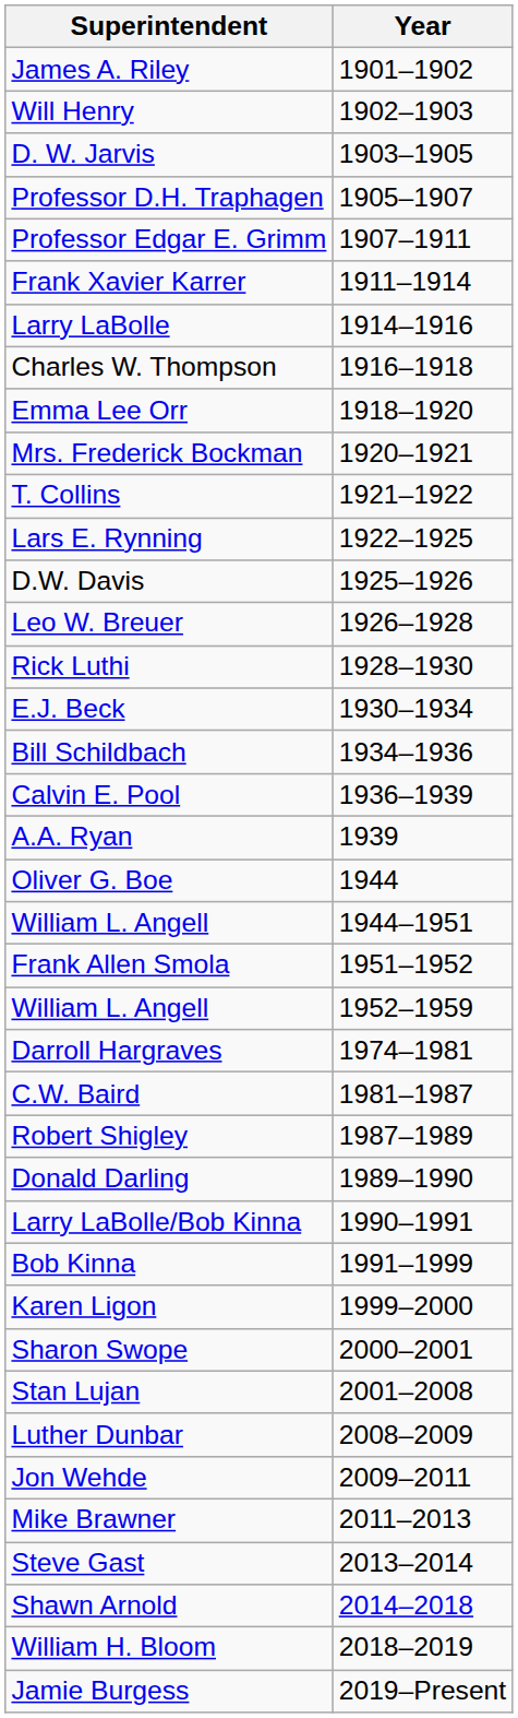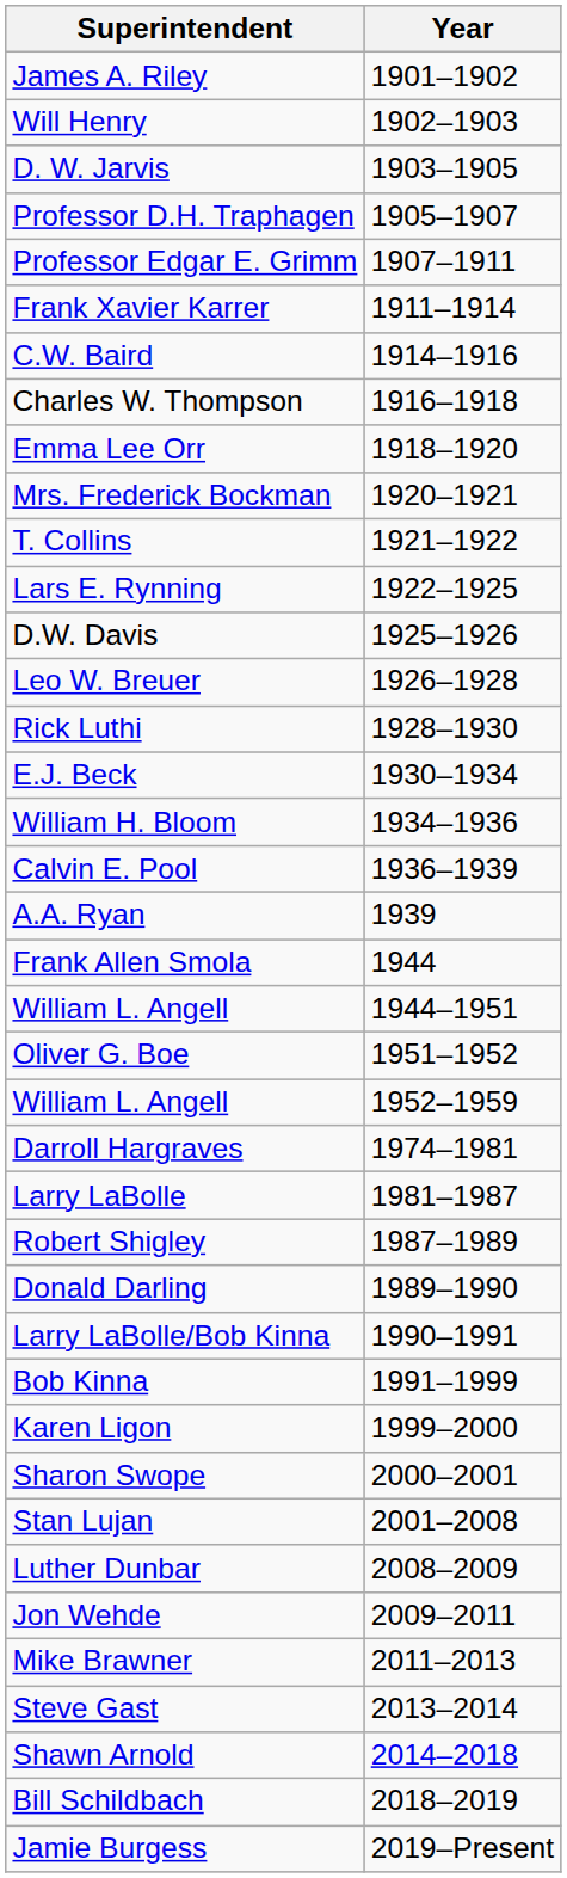 <table class="wikitable" border="1">
 <tr>
 <th>Superintendent</th>
 <th>Year</th>
 </tr>
 <tr>
 <td><a href='#'>James A. Riley</a></td>
 <td>1901–1902</td>
 </tr>
 <tr>
 <td><a href='#'>Will Henry</a></td>
 <td>1902–1903</td>
 </tr>
 <tr>
 <td><a href='#'>D. W. Jarvis</a></td>
 <td>1903–1905</td>
 </tr>
 <tr>
 <td><a href='#'>Professor D.H. Traphagen</a></td>
 <td>1905–1907</td>
 </tr>
 <tr>
 <td><a href='#'>Professor Edgar E. Grimm</a></td>
 <td>1907–1911</td>
 </tr>
 <tr>
 <td><a href='#'>Frank Xavier Karrer</a></td>
 <td>1911–1914</td>
 </tr>
 <tr>
-<td><a href='#'>Larry LaBolle</a></td>
+<td><a href='#'>C.W. Baird</a></td>
 <td>1914–1916</td>
 </tr>
 <tr>
 <td>Charles W. Thompson</td>
 <td>1916–1918</td>
 </tr>
 <tr>
 <td><a href='#'>Emma Lee Orr</a></td>
 <td>1918–1920</td>
 </tr>
 <tr>
 <td><a href='#'>Mrs. Frederick Bockman</a></td>
 <td>1920–1921</td>
 </tr>
 <tr>
 <td><a href='#'>T. Collins</a></td>
 <td>1921–1922</td>
 </tr>
 <tr>
 <td><a href='#'>Lars E. Rynning</a></td>
 <td>1922–1925</td>
 </tr>
 <tr>
 <td>D.W. Davis</td>
 <td>1925–1926</td>
 </tr>
 <tr>
 <td><a href='#'>Leo W. Breuer</a></td>
 <td>1926–1928</td>
 </tr>
 <tr>
 <td><a href='#'>Rick Luthi</a></td>
 <td>1928–1930</td>
 </tr>
 <tr>
 <td><a href='#'>E.J. Beck</a></td>
 <td>1930–1934</td>
 </tr>
 <tr>
-<td><a href='#'>Bill Schildbach</a></td>
+<td><a href='#'>William H. Bloom</a></td>
 <td>1934–1936</td>
 </tr>
 <tr>
 <td><a href='#'>Calvin E. Pool</a></td>
 <td>1936–1939</td>
 </tr>
 <tr>
 <td><a href='#'>A.A. Ryan</a></td>
 <td>1939</td>
 </tr>
 <tr>
-<td><a href='#'>Oliver G. Boe</a></td>
+<td><a href='#'>Frank Allen Smola</a></td>
 <td>1944</td>
 </tr>
 <tr>
 <td><a href='#'>William L. Angell</a></td>
 <td>1944–1951</td>
 </tr>
 <tr>
-<td><a href='#'>Frank Allen Smola</a></td>
+<td><a href='#'>Oliver G. Boe</a></td>
 <td>1951–1952</td>
 </tr>
 <tr>
 <td><a href='#'>William L. Angell</a></td>
 <td>1952–1959</td>
 </tr>
 <tr>
 <td><a href='#'>Darroll Hargraves</a></td>
 <td>1974–1981</td>
 </tr>
 <tr>
-<td><a href='#'>C.W. Baird</a></td>
+<td><a href='#'>Larry LaBolle</a></td>
 <td>1981–1987</td>
 </tr>
 <tr>
 <td><a href='#'>Robert Shigley</a></td>
 <td>1987–1989</td>
 </tr>
 <tr>
 <td><a href='#'>Donald Darling</a></td>
 <td>1989–1990</td>
 </tr>
 <tr>
 <td><a href='#'>Larry LaBolle/Bob Kinna</a></td>
 <td>1990–1991</td>
 </tr>
 <tr>
 <td><a href='#'>Bob Kinna</a></td>
 <td>1991–1999</td>
 </tr>
 <tr>
 <td><a href='#'>Karen Ligon</a></td>
 <td>1999–2000</td>
 </tr>
 <tr>
 <td><a href='#'>Sharon Swope</a></td>
 <td>2000–2001</td>
 </tr>
 <tr>
 <td><a href='#'>Stan Lujan</a></td>
 <td>2001–2008</td>
 </tr>
 <tr>
 <td><a href='#'>Luther Dunbar</a></td>
 <td>2008–2009</td>
 </tr>
 <tr>
 <td><a href='#'>Jon Wehde</a></td>
 <td>2009–2011</td>
 </tr>
 <tr>
 <td><a href='#'>Mike Brawner</a></td>
 <td>2011–2013</td>
 </tr>
 <tr>
 <td><a href='#'>Steve Gast</a></td>
 <td>2013–2014</td>
 </tr>
 <tr>
 <td><a href='#'>Shawn Arnold</a></td>
 <td><a href='#'>2014–2018</a></td>
 </tr>
 <tr>
-<td><a href='#'>William H. Bloom</a></td>
+<td><a href='#'>Bill Schildbach</a></td>
 <td>2018–2019</td>
 </tr>
 <tr>
 <td><a href='#'>Jamie Burgess</a></td>
 <td>2019–Present</td>
 </tr>
 </table>
